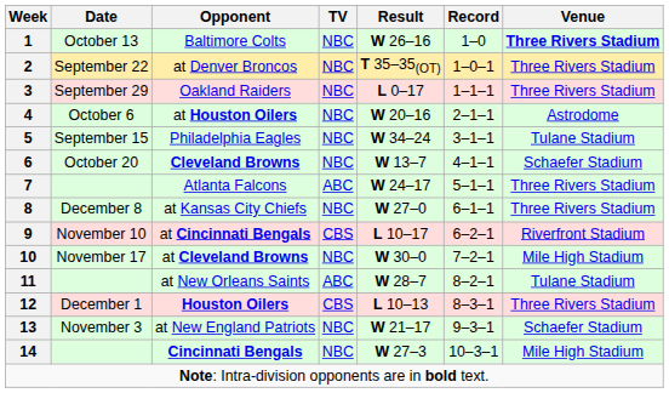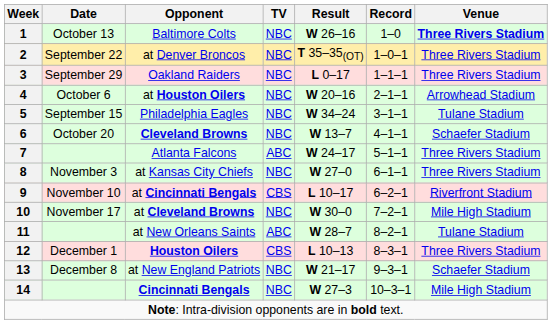 <table class="wikitable" style="text-align: center">
 <tr>
 <th>Week</th>
 <th>Date</th>
 <th>Opponent</th>
 <th>TV</th>
 <th>Result</th>
 <th>Record</th>
 <th>Venue</th>
 </tr>
 <tr style="background: #ddffdd;">
 <th>1</th>
 <td>October 13</td>
 <td><a href='#'>Baltimore Colts</a></td>
 <td><a href='#'>NBC</a></td>
 <td><strong>W</strong> 26–16</td>
 <td>1–0</td>
 <td><strong><a href='#'>Three Rivers Stadium</a></strong></td>
 </tr>
 <tr style="background: #ffeeaa;">
 <th>2</th>
 <td>September 22</td>
 <td>at <a href='#'>Denver Broncos</a></td>
 <td><a href='#'>NBC</a></td>
 <td><strong>T</strong> 35–35<sub>(OT)</sub></td>
 <td>1–0–1</td>
 <td><a href='#'>Three Rivers Stadium</a></td>
 </tr>
 <tr style="background: #ffdddd;">
 <th>3</th>
 <td>September 29</td>
 <td><a href='#'>Oakland Raiders</a></td>
 <td><a href='#'>NBC</a></td>
 <td><strong>L</strong> 0–17</td>
 <td>1–1–1</td>
 <td><a href='#'>Three Rivers Stadium</a></td>
 </tr>
 <tr style="background: #ddffdd;">
 <th>4</th>
 <td>October 6</td>
 <td>at <strong><a href='#'>Houston Oilers</a></strong></td>
 <td><a href='#'>NBC</a></td>
 <td><strong>W</strong> 20–16</td>
 <td>2–1–1</td>
-<td><a href='#'>Astrodome</a></td>
+<td><a href='#'>Arrowhead Stadium</a></td>
 </tr>
 <tr style="background: #ddffdd;">
 <th>5</th>
 <td>September 15</td>
 <td><a href='#'>Philadelphia Eagles</a></td>
 <td><a href='#'>NBC</a></td>
 <td><strong>W</strong> 34–24</td>
 <td>3–1–1</td>
 <td><a href='#'>Tulane Stadium</a></td>
 </tr>
 <tr style="background: #ddffdd;">
 <th>6</th>
 <td>October 20</td>
 <td><strong><a href='#'>Cleveland Browns</a></strong></td>
 <td><a href='#'>NBC</a></td>
 <td><strong>W</strong> 13–7</td>
 <td>4–1–1</td>
 <td><a href='#'>Schaefer Stadium</a></td>
 </tr>
 <tr style="background: #ddffdd;">
 <th>7</th>
 <td></td>
 <td><a href='#'>Atlanta Falcons</a></td>
 <td><a href='#'>ABC</a></td>
 <td><strong>W</strong> 24–17</td>
 <td>5–1–1</td>
 <td><a href='#'>Three Rivers Stadium</a></td>
 </tr>
 <tr style="background: #ddffdd;">
 <th>8</th>
-<td>December 8</td>
+<td>November 3</td>
 <td>at <a href='#'>Kansas City Chiefs</a></td>
 <td><a href='#'>NBC</a></td>
 <td><strong>W</strong> 27–0</td>
 <td>6–1–1</td>
 <td><a href='#'>Three Rivers Stadium</a></td>
 </tr>
 <tr style="background: #ffdddd;">
 <th>9</th>
 <td>November 10</td>
 <td>at <strong><a href='#'>Cincinnati Bengals</a></strong></td>
 <td><a href='#'>CBS</a></td>
 <td><strong>L</strong> 10–17</td>
 <td>6–2–1</td>
 <td><a href='#'>Riverfront Stadium</a></td>
 </tr>
 <tr style="background: #ddffdd;">
 <th>10</th>
 <td>November 17</td>
 <td>at <strong><a href='#'>Cleveland Browns</a></strong></td>
 <td><a href='#'>NBC</a></td>
 <td><strong>W</strong> 30–0</td>
 <td>7–2–1</td>
 <td><a href='#'>Mile High Stadium</a></td>
 </tr>
 <tr style="background: #ddffdd;">
 <th>11</th>
 <td></td>
 <td>at <a href='#'>New Orleans Saints</a></td>
 <td><a href='#'>ABC</a></td>
 <td><strong>W</strong> 28–7</td>
 <td>8–2–1</td>
 <td><a href='#'>Tulane Stadium</a></td>
 </tr>
 <tr style="background: #ffdddd;">
 <th>12</th>
 <td>December 1</td>
 <td><strong><a href='#'>Houston Oilers</a></strong></td>
 <td><a href='#'>CBS</a></td>
 <td><strong>L</strong> 10–13</td>
 <td>8–3–1</td>
 <td><a href='#'>Three Rivers Stadium</a></td>
 </tr>
 <tr style="background: #ddffdd;">
 <th>13</th>
-<td>November 3</td>
+<td>December 8</td>
 <td>at <a href='#'>New England Patriots</a></td>
 <td><a href='#'>NBC</a></td>
 <td><strong>W</strong> 21–17</td>
 <td>9–3–1</td>
 <td><a href='#'>Schaefer Stadium</a></td>
 </tr>
 <tr style="background: #ddffdd;">
 <th>14</th>
 <td></td>
 <td><strong><a href='#'>Cincinnati Bengals</a></strong></td>
 <td><a href='#'>NBC</a></td>
 <td><strong>W</strong> 27–3</td>
 <td>10–3–1</td>
 <td><a href='#'>Mile High Stadium</a></td>
 </tr>
 <tr>
 <td colspan="7"><strong>Note</strong>: Intra-division opponents are in <strong>bold</strong> text.</td>
 </tr>
 </table>
